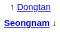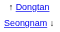 <table style="text-align:center;">
 <tr>
 <td><small>↑ <a href='#'>Dongtan</a></small></td>
 </tr>
 <tr || >
 </tr>
 <tr>
-<td><strong><small><a href='#'>Seongnam</a> ↓</small></strong></td>
+<td><small><a href='#'>Seongnam</a> ↓</small></td>
 </tr>
 </table>
